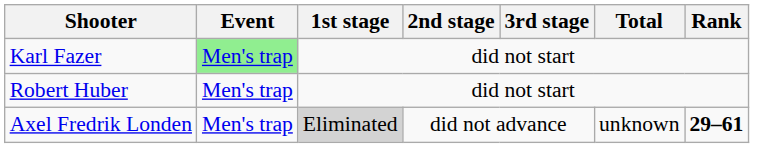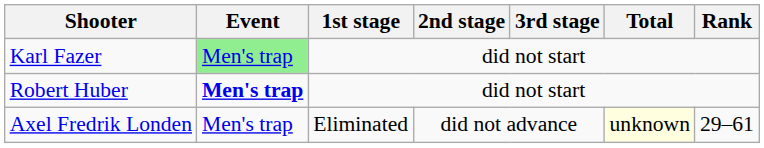 <table class="wikitable">
 <tr>
 <th>Shooter</th>
 <th>Event</th>
 <th>1st stage</th>
 <th>2nd stage</th>
 <th>3rd stage</th>
 <th>Total</th>
 <th>Rank</th>
 </tr>
 <tr align=center>
 <td align=left><a href='#'>Karl Fazer</a></td>
 <td align=left style="background: lightgreen;"><a href='#'>Men's trap</a></td>
 <td colspan=5>did not start</td>
 </tr>
 <tr align=center>
 <td align=left><a href='#'>Robert Huber</a></td>
-<td align=left><a href='#'>Men's trap</a></td>
+<td align=left><strong><a href='#'>Men's trap</a></strong></td>
 <td colspan=5>did not start</td>
 </tr>
 <tr align=center>
 <td align=left><a href='#'>Axel Fredrik Londen</a></td>
 <td align=left><a href='#'>Men's trap</a></td>
-<td style="background: lightgrey;">Eliminated</td>
+<td>Eliminated</td>
 <td colspan=2>did not advance</td>
-<td>unknown</td>
-<td><strong>29–61</strong></td>
+<td style="background: lightyellow;">unknown</td>
+<td>29–61</td>
 </tr>
 </table>
